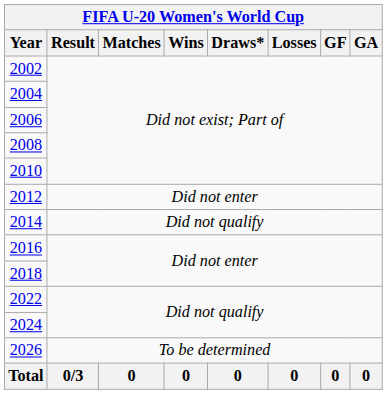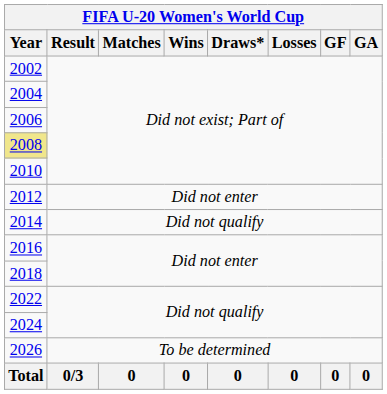 <table class="wikitable" style="text-align: center;">
 <tr>
 <th colspan=10><a href='#'>FIFA U-20 Women's World Cup</a></th>
 </tr>
 <tr>
 <th>Year</th>
 <th>Result</th>
 <th>Matches</th>
 <th>Wins</th>
 <th>Draws*</th>
 <th>Losses</th>
 <th>GF</th>
 <th>GA</th>
 </tr>
 <tr>
 <td> <a href='#'>2002</a></td>
 <td rowspan=5 colspan=7><em>Did not exist; Part of </em></td>
 </tr>
 <tr>
 <td> <a href='#'>2004</a></td>
 </tr>
 <tr>
 <td> <a href='#'>2006</a></td>
 </tr>
 <tr>
-<td> <a href='#'>2008</a></td>
+<td style="background: khaki;"> <a href='#'>2008</a></td>
 </tr>
 <tr>
 <td> <a href='#'>2010</a></td>
 </tr>
 <tr>
 <td> <a href='#'>2012</a></td>
 <td colspan=7><em>Did not enter</em></td>
 </tr>
 <tr>
 <td> <a href='#'>2014</a></td>
 <td colspan=7><em>Did not qualify</em></td>
 </tr>
 <tr>
 <td> <a href='#'>2016</a></td>
 <td rowspan=2 colspan=7><em>Did not enter</em></td>
 </tr>
 <tr>
 <td> <a href='#'>2018</a></td>
 </tr>
 <tr>
 <td> <a href='#'>2022</a></td>
 <td rowspan=2 colspan=7><em>Did not qualify</em></td>
 </tr>
 <tr>
 <td> <a href='#'>2024</a></td>
 </tr>
 <tr>
 <td> <a href='#'>2026</a></td>
 <td colspan=7><em>To be determined</em></td>
 </tr>
 <tr>
 <th>Total</th>
 <th>0/3</th>
 <th>0</th>
 <th>0</th>
 <th>0</th>
 <th>0</th>
 <th>0</th>
 <th>0</th>
 </tr>
 </table>
